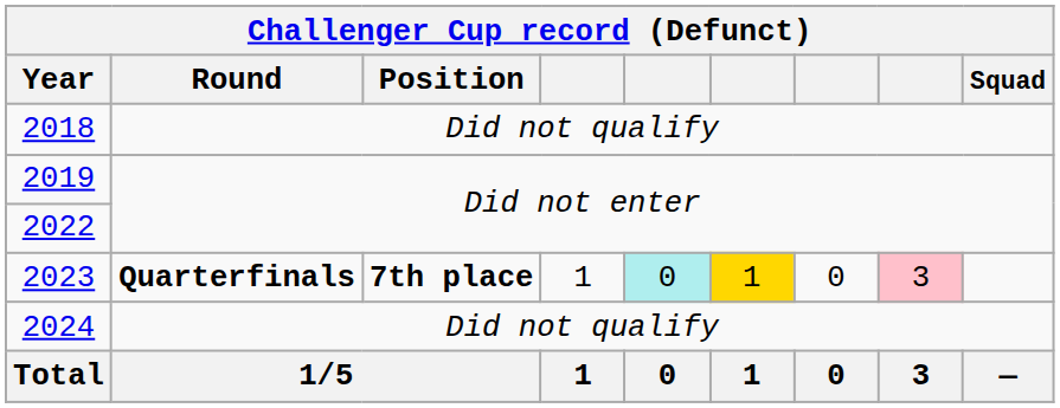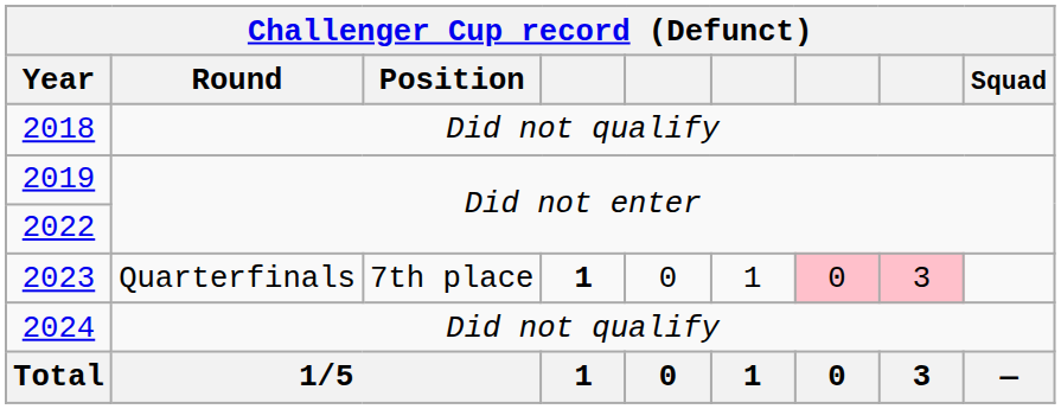 <table class="wikitable" style="text-align: center;">
 <tr>
 <th colspan=9><a href='#'>Challenger Cup record</a> (Defunct)</th>
 </tr>
 <tr>
 <th>Year</th>
 <th>Round</th>
 <th>Position</th>
 <th width=30></th>
 <th width=30></th>
 <th width=30></th>
 <th width=30></th>
 <th width=30></th>
 <th><small>Squad</small></th>
 </tr>
 <tr>
 <td> <a href='#'>2018</a></td>
 <td colspan=8><em>Did not qualify</em></td>
 </tr>
 <tr>
 <td> <a href='#'>2019</a></td>
 <td colspan=8 rowspan=2><em>Did not enter</em></td>
 </tr>
 <tr>
 <td> <a href='#'>2022</a></td>
 </tr>
 <tr>
 <td> <a href='#'>2023</a></td>
-<td><strong>Quarterfinals</strong></td>
-<td><strong>7th place</strong></td>
+<td>Quarterfinals</td>
+<td>7th place</td>
+<td><strong>1</strong></td>
+<td>0</td>
 <td>1</td>
-<td style="background: paleturquoise;">0</td>
-<td style="background: gold;">1</td>
-<td>0</td>
+<td style="background: pink;">0</td>
 <td style="background: pink;">3</td>
 <td></td>
 </tr>
 <tr>
 <td> <a href='#'>2024</a></td>
 <td colspan=8><em>Did not qualify</em></td>
 </tr>
 <tr>
 <th>Total</th>
 <th colspan=2>1/5</th>
 <th>1</th>
 <th>0</th>
 <th>1</th>
 <th>0</th>
 <th>3</th>
 <th>—</th>
 </tr>
 </table>
